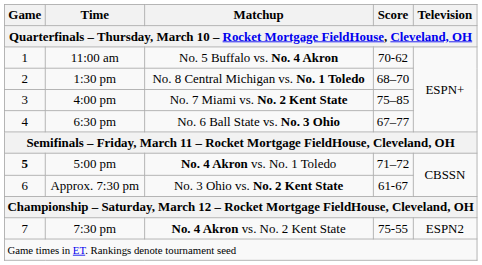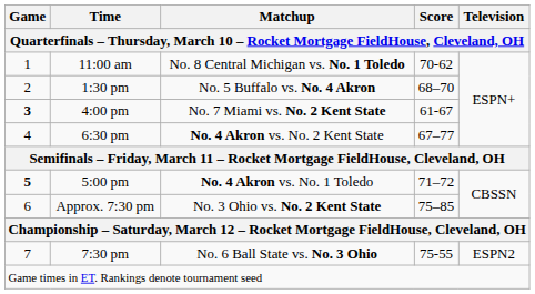 <table class="wikitable" style="font-size: 95%;text-align:center">
 <tr>
 <th>Game</th>
 <th>Time</th>
 <th>Matchup</th>
 <th>Score</th>
 <th>Television</th>
 </tr>
 <tr>
 <th colspan=5>Quarterfinals – Thursday, March 10 – <a href='#'>Rocket Mortgage FieldHouse</a>, <a href='#'>Cleveland, OH</a></th>
 </tr>
 <tr>
 <td>1</td>
 <td>11:00 am</td>
-<td>No. 5 Buffalo vs. <strong>No. 4 Akron</strong></td>
+<td>No. 8 Central Michigan vs. <strong>No. 1 Toledo</strong></td>
 <td>70-62</td>
 <td rowspan=4>ESPN+</td>
 </tr>
 <tr>
 <td>2</td>
 <td>1:30 pm</td>
-<td>No. 8 Central Michigan vs. <strong>No. 1 Toledo</strong></td>
+<td>No. 5 Buffalo vs. <strong>No. 4 Akron</strong></td>
 <td>68–70</td>
 </tr>
 <tr>
-<td>3</td>
+<td><strong>3</strong></td>
 <td>4:00 pm</td>
 <td>No. 7 Miami vs. <strong>No. 2 Kent State</strong></td>
-<td>75–85</td>
+<td>61-67</td>
 </tr>
 <tr>
 <td>4</td>
 <td>6:30 pm</td>
-<td>No. 6 Ball State vs. <strong>No. 3 Ohio</strong></td>
+<td><strong>No. 4 Akron</strong> vs. No. 2 Kent State</td>
 <td>67–77</td>
 </tr>
 <tr>
 <th colspan=5>Semifinals – Friday, March 11 – Rocket Mortgage FieldHouse, Cleveland, OH</th>
 </tr>
 <tr>
 <td><strong>5</strong></td>
 <td>5:00 pm</td>
 <td><strong>No. 4 Akron</strong> vs. No. 1 Toledo</td>
 <td>71–72</td>
 <td rowspan="2">CBSSN</td>
 </tr>
 <tr>
 <td>6</td>
 <td>Approx. 7:30 pm</td>
 <td>No. 3 Ohio vs. <strong>No. 2 Kent State</strong></td>
-<td>61-67</td>
+<td>75–85</td>
 </tr>
 <tr>
 <th colspan=5>Championship – Saturday, March 12 – Rocket Mortgage FieldHouse, Cleveland, OH</th>
 </tr>
 <tr>
 <td>7</td>
 <td>7:30 pm</td>
-<td><strong>No. 4 Akron</strong> vs. No. 2 Kent State</td>
+<td>No. 6 Ball State vs. <strong>No. 3 Ohio</strong></td>
 <td>75-55</td>
 <td>ESPN2</td>
 </tr>
 <tr>
 <td colspan=5 align=left><small>Game times in <a href='#'>ET</a>. Rankings denote tournament seed</small></td>
 </tr>
 </table>
